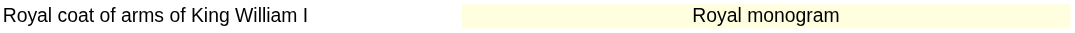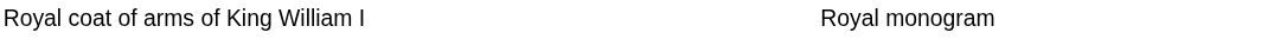 <table border="0" align="center" width="80%">
 <tr>
 <th width="25%"></th>
 <th width="25%"></th>
 </tr>
 <tr>
 <td style="text-align: center;">Royal coat of arms of King William I</td>
-<td style="background: lightyellow; text-align: center;">Royal monogram</td>
+<td style="text-align: center;">Royal monogram</td>
 </tr>
 </table>
